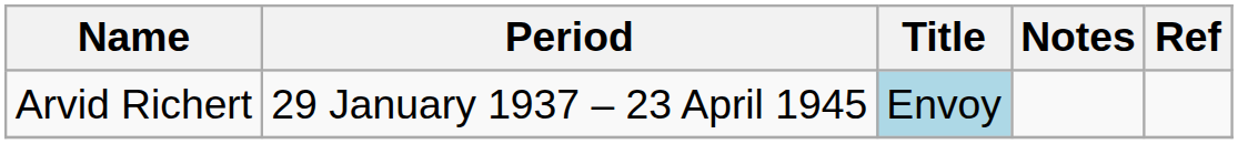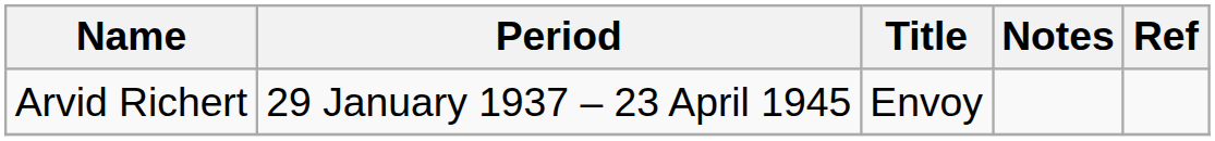 <table class="wikitable">
 <tr>
 <th>Name</th>
 <th>Period</th>
 <th>Title</th>
 <th>Notes</th>
 <th>Ref</th>
 </tr>
 <tr>
 <td>Arvid Richert</td>
 <td>29 January 1937 – 23 April 1945</td>
-<td style="background: lightblue;">Envoy</td>
+<td>Envoy</td>
 <td></td>
 <td></td>
 </tr>
 <tr>
 </tr>
 </table>
